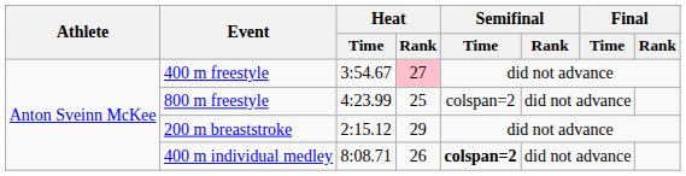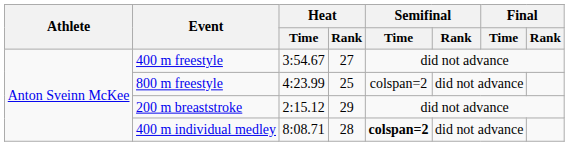 <table class=wikitable style="font-size:90%">
 <tr>
 <th rowspan="2">Athlete</th>
 <th rowspan="2">Event</th>
 <th colspan="2">Heat</th>
 <th colspan="2">Semifinal</th>
 <th colspan="2">Final</th>
 </tr>
 <tr style="font-size:95%">
 <th>Time</th>
 <th>Rank</th>
 <th>Time</th>
 <th>Rank</th>
 <th>Time</th>
 <th>Rank</th>
 </tr>
 <tr align=center>
 <td align=left rowspan=4><a href='#'>Anton Sveinn McKee</a></td>
 <td align=left><a href='#'>400 m freestyle</a></td>
 <td>3:54.67</td>
-<td style="background: pink;">27</td>
+<td>27</td>
 <td colspan=4>did not advance</td>
 </tr>
 <tr align=center>
 <td align=left><a href='#'>800 m freestyle</a></td>
 <td>4:23.99</td>
 <td>25</td>
 <td>colspan=2 </td>
 <td colspan=2>did not advance</td>
 </tr>
 <tr align=center>
 <td align=left><a href='#'>200 m breaststroke</a></td>
 <td>2:15.12</td>
 <td>29</td>
 <td colspan=4>did not advance</td>
 </tr>
 <tr align=center>
 <td align=left><a href='#'>400 m individual medley</a></td>
 <td>8:08.71</td>
-<td>26</td>
+<td>28</td>
 <td><strong>colspan=2 </strong></td>
 <td colspan=2>did not advance</td>
 </tr>
 </table>
